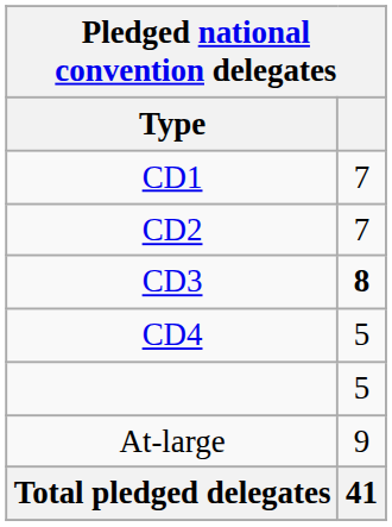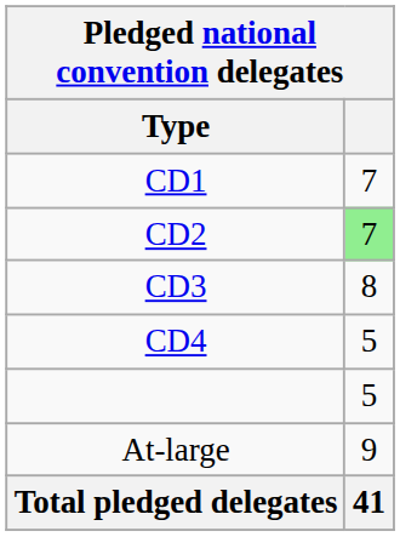 <table class="wikitable sortable" style="float:right; padding:5px; text-align:center; font-size:90%">
 <tr>
 <th colspan="2">Pledged <a href='#'>national<br>convention</a> delegates</th>
 </tr>
 <tr>
 <th>Type</th>
 <th></th>
 </tr>
 <tr>
 <td><a href='#'>CD1</a></td>
 <td>7</td>
 </tr>
 <tr>
 <td><a href='#'>CD2</a></td>
-<td>7</td>
+<td style="background: lightgreen;">7</td>
 </tr>
 <tr>
 <td><a href='#'>CD3</a></td>
-<td><strong>8</strong></td>
+<td>8</td>
 </tr>
 <tr>
 <td><a href='#'>CD4</a></td>
 <td>5</td>
 </tr>
 <tr>
 <td></td>
 <td>5</td>
 </tr>
 <tr>
 <td>At-large</td>
 <td>9</td>
 </tr>
 <tr>
 <th>Total pledged delegates</th>
 <th>41</th>
 </tr>
 </table>
